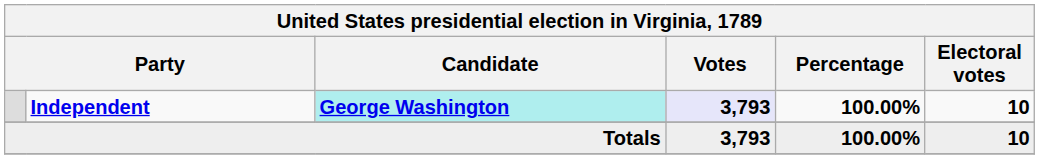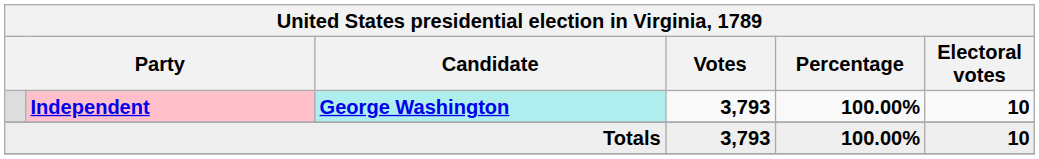 <table class="wikitable" style="font-size: 95%;">
 <tr>
 <th colspan="6">United States presidential election in Virginia, 1789</th>
 </tr>
 <tr>
 <th colspan="2" style="width: 15em">Party</th>
 <th style="width: 17em">Candidate</th>
 <th style="width: 5em">Votes</th>
 <th style="width: 7em">Percentage</th>
 <th style="width: 5em">Electoral votes</th>
 </tr>
 <tr>
 <th style="background-color:#DDDDDD; width: 3px"></th>
-<td style="width: 130px"><strong><a href='#'>Independent</a></strong></td>
+<td style="background: pink; width: 130px"><strong><a href='#'>Independent</a></strong></td>
 <td style="background: paleturquoise;"><strong><a href='#'>George Washington</a></strong></td>
-<td align="right" style="background: lavender;"><strong>3,793</strong></td>
+<td align="right"><strong>3,793</strong></td>
 <td align="right"><strong>100.00%</strong></td>
 <td align="right"><strong>10</strong></td>
 </tr>
 <tr>
 </tr>
 <tr bgcolor="#EEEEEE">
 <td colspan="3" align="right"><strong>Totals</strong></td>
 <td align="right"><strong>3,793</strong></td>
 <td align="right"><strong>100.00%</strong></td>
 <td align="right"><strong>10</strong></td>
 </tr>
 <tr>
 </tr>
 </table>
